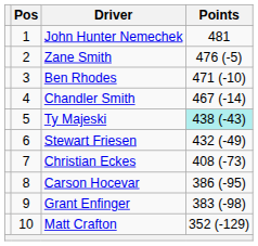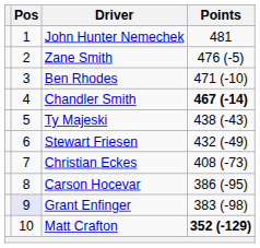 <table class="wikitable" style="font-size: 95%;">
 <tr>
 <th></th>
 <th>Pos</th>
 <th>Driver</th>
 <th>Points</th>
 </tr>
 <tr>
 <td align="left"></td>
 <td style="text-align:center;">1</td>
 <td><a href='#'>John Hunter Nemechek</a></td>
 <td style="text-align:center;">481</td>
 </tr>
 <tr>
 <td align="left"></td>
 <td style="text-align:center;">2</td>
 <td><a href='#'>Zane Smith</a></td>
 <td style="text-align:center;">476 (-5)</td>
 </tr>
 <tr>
 <td align="left"></td>
 <td style="text-align:center;">3</td>
 <td><a href='#'>Ben Rhodes</a></td>
 <td style="text-align:center;">471 (-10)</td>
 </tr>
 <tr>
 <td align="left"></td>
 <td style="text-align:center;">4</td>
 <td><a href='#'>Chandler Smith</a></td>
-<td style="text-align:center;">467 (-14)</td>
+<td style="text-align:center;"><strong>467 (-14)</strong></td>
 </tr>
 <tr>
 <td align="left"></td>
 <td style="text-align:center;">5</td>
 <td><a href='#'>Ty Majeski</a></td>
-<td style="background: paleturquoise; text-align:center;">438 (-43)</td>
+<td style="text-align:center;">438 (-43)</td>
 </tr>
 <tr>
 <td align="left"></td>
 <td style="text-align:center;">6</td>
 <td><a href='#'>Stewart Friesen</a></td>
 <td style="text-align:center;">432 (-49)</td>
 </tr>
 <tr>
 <td align="left"></td>
 <td style="text-align:center;">7</td>
 <td><a href='#'>Christian Eckes</a></td>
 <td style="text-align:center;">408 (-73)</td>
 </tr>
 <tr>
 <td align="left"></td>
 <td style="text-align:center;">8</td>
 <td><a href='#'>Carson Hocevar</a></td>
 <td style="text-align:center;">386 (-95)</td>
 </tr>
 <tr>
 <td align="left"></td>
-<td style="text-align:center;">9</td>
+<td style="background: lavender; text-align:center;">9</td>
 <td><a href='#'>Grant Enfinger</a></td>
 <td style="text-align:center;">383 (-98)</td>
 </tr>
 <tr>
 <td align="left"></td>
 <td style="text-align:center;">10</td>
 <td><a href='#'>Matt Crafton</a></td>
-<td style="text-align:center;">352 (-129)</td>
+<td style="text-align:center;"><strong>352 (-129)</strong></td>
 </tr>
 <tr class="sortbottom">
 <th colspan="9"></th>
 </tr>
 </table>
